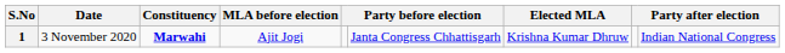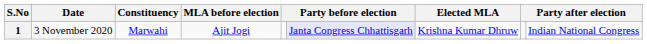 <table class="wikitable sortable" style="text-align:center;">
 <tr>
 <th>S.No</th>
 <th>Date</th>
 <th>Constituency</th>
 <th>MLA before election</th>
 <th colspan="2">Party before election</th>
 <th>Elected MLA</th>
 <th colspan="2">Party after election</th>
 </tr>
 <tr>
 <th>1</th>
 <td>3 November 2020</td>
-<td><strong><a href='#'>Marwahi</a></strong></td>
+<td><a href='#'>Marwahi</a></td>
 <td><a href='#'>Ajit Jogi</a></td>
 <td></td>
-<td><a href='#'>Janta Congress Chhattisgarh</a></td>
+<td style="background: lavender;"><a href='#'>Janta Congress Chhattisgarh</a></td>
 <td><a href='#'>Krishna Kumar Dhruw</a></td>
 <td></td>
 <td><a href='#'>Indian National Congress</a></td>
 </tr>
 </table>
